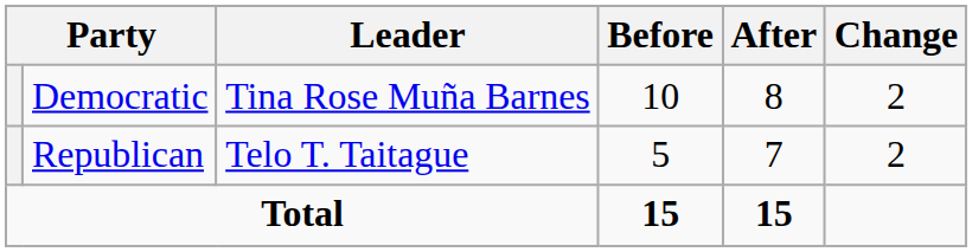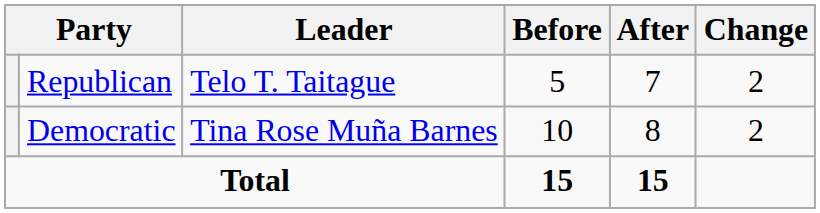 <table class="wikitable" style="text-align:center;">
 <tr>
 </tr>
 <tr>
 <th colspan=2>Party</th>
 <th>Leader</th>
 <th>Before</th>
 <th>After</th>
 <th>Change</th>
 </tr>
 <tr>
 <th style="background-color:"></th>
+<td style="text-align:left;"><a href='#'>Republican</a></td>
+<td style="text-align:left;"><a href='#'>Telo T. Taitague</a></td>
+<td>5</td>
+<td>7</td>
+<td> 2</td>
+</tr>
+<tr>
+<th style="background-color:"></th>
 <td style="text-align:left;"><a href='#'>Democratic</a></td>
 <td style="text-align:left;"><a href='#'>Tina Rose Muña Barnes</a></td>
 <td>10</td>
 <td>8</td>
-<td> 2</td>
-</tr>
-<tr>
-<th style="background-color:"></th>
-<td style="text-align:left;"><a href='#'>Republican</a></td>
-<td style="text-align:left;"><a href='#'>Telo T. Taitague</a></td>
-<td>5</td>
-<td>7</td>
 <td> 2</td>
 </tr>
 <tr>
 <td colspan=3><strong>Total</strong></td>
 <td><strong>15</strong></td>
 <td><strong>15</strong></td>
 <td></td>
 </tr>
 </table>
